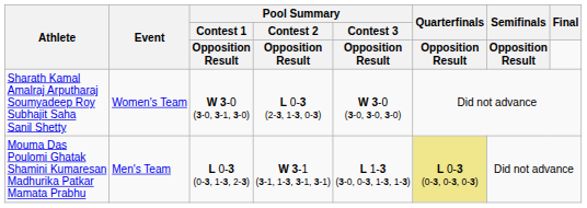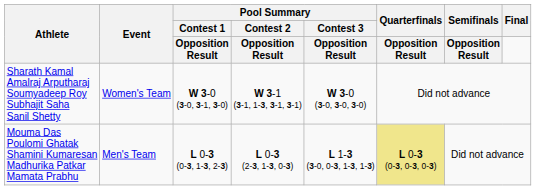 <table class="wikitable" border="1" style="font-size:90%">
 <tr>
 <th rowspan=3>Athlete</th>
 <th rowspan=3>Event</th>
 <th colspan=3>Pool Summary</th>
 <th rowspan=2>Quarterfinals</th>
 <th rowspan=2>Semifinals</th>
 <th rowspan=2>Final</th>
 </tr>
 <tr>
 <th>Contest 1</th>
 <th>Contest 2</th>
 <th>Contest 3</th>
 </tr>
 <tr>
 <th>Opposition<br>Result</th>
 <th>Opposition<br>Result</th>
 <th>Opposition<br>Result</th>
 <th>Opposition<br>Result</th>
 <th>Opposition<br>Result</th>
 </tr>
 <tr>
 <td><a href='#'>Sharath Kamal</a><br><a href='#'>Amalraj Arputharaj</a><br><a href='#'>Soumyadeep Roy</a><br><a href='#'>Subhajit Saha</a><br><a href='#'>Sanil Shetty</a></td>
 <td><a href='#'>Women's Team</a></td>
 <td align=center><br><strong>W</strong> <strong>3</strong>-0<br><small>(<strong>3</strong>-0, <strong>3</strong>-1, <strong>3</strong>-0)</small></td>
-<td align=center><br><strong>L</strong> 0-<strong>3</strong><br><small>(2-<strong>3</strong>, 1-<strong>3</strong>, 0-<strong>3</strong>)</small></td>
+<td align=center><br><strong>W</strong> <strong>3</strong>-1<br><small>(<strong>3</strong>-1, 1-<strong>3</strong>, <strong>3</strong>-1, <strong>3</strong>-1)</small></td>
 <td align=center><br><strong>W</strong> <strong>3</strong>-0<br><small>(<strong>3</strong>-0, <strong>3</strong>-0, <strong>3</strong>-0)</small></td>
 <td align=center colspan="7">Did not advance</td>
 </tr>
 <tr>
 <td><a href='#'>Mouma Das</a><br><a href='#'>Poulomi Ghatak</a><br><a href='#'>Shamini Kumaresan</a><br><a href='#'>Madhurika Patkar</a><br><a href='#'>Mamata Prabhu</a></td>
 <td><a href='#'>Men's Team</a></td>
 <td align=center><br><strong>L</strong> 0-<strong>3</strong><br><small>(0-<strong>3</strong>, 1-<strong>3</strong>, 2-<strong>3</strong>)</small></td>
-<td align=center><br><strong>W</strong> <strong>3</strong>-1<br><small>(<strong>3</strong>-1, 1-<strong>3</strong>, <strong>3</strong>-1, <strong>3</strong>-1)</small></td>
+<td align=center><br><strong>L</strong> 0-<strong>3</strong><br><small>(2-<strong>3</strong>, 1-<strong>3</strong>, 0-<strong>3</strong>)</small></td>
 <td align=center><br><strong>L</strong> 1-<strong>3</strong><br><small>(<strong>3</strong>-0, 0-<strong>3</strong>, 1-<strong>3</strong>, 1-<strong>3</strong>)</small></td>
 <td align=center style="background: khaki;"><br><strong>L</strong> 0-<strong>3</strong><br><small>(0-<strong>3</strong>, 0-<strong>3</strong>, 0-<strong>3</strong>)</small></td>
 <td align=center colspan="7">Did not advance</td>
 </tr>
 </table>
